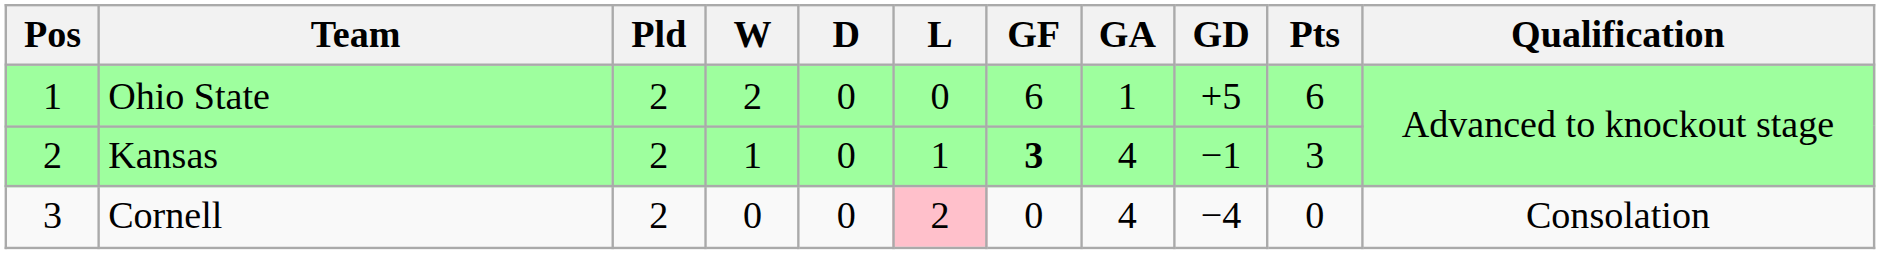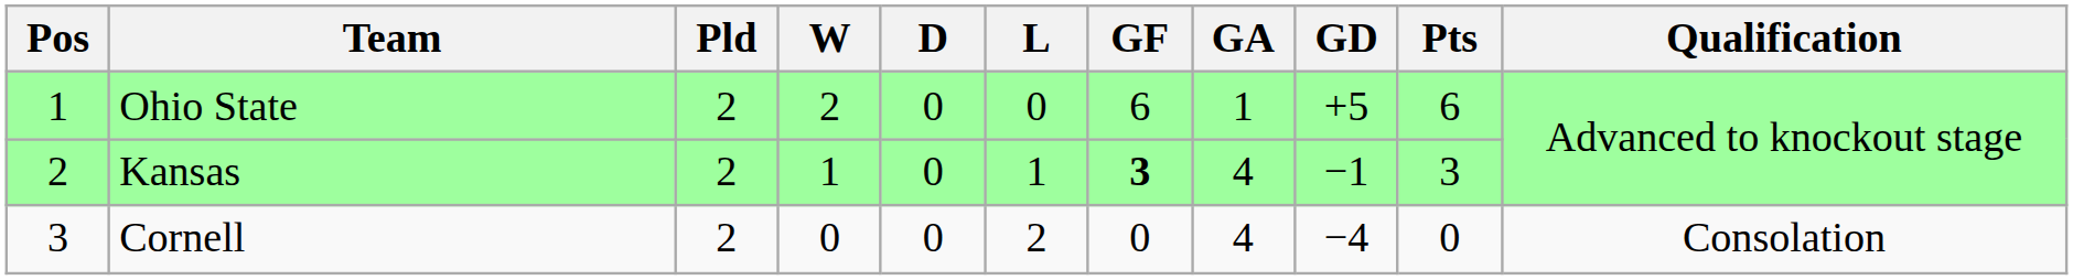 <table class="wikitable" style="text-align:center; margin: 1em auto">
 <tr>
 <th style=width:2em>Pos</th>
 <th style=width:13em>Team</th>
 <th style=width:2em>Pld</th>
 <th style=width:2em>W</th>
 <th style=width:2em>D</th>
 <th style=width:2em>L</th>
 <th style=width:2em>GF</th>
 <th style=width:2em>GA</th>
 <th style=width:2em>GD</th>
 <th style=width:2em>Pts</th>
 <th style=width:13em>Qualification</th>
 </tr>
 <tr bgcolor="#9eff9e">
 <td>1</td>
 <td style="text-align:left">Ohio State</td>
 <td>2</td>
 <td>2</td>
 <td>0</td>
 <td>0</td>
 <td>6</td>
 <td>1</td>
 <td>+5</td>
 <td>6</td>
 <td rowspan="2">Advanced to knockout stage</td>
 </tr>
 <tr bgcolor="#9eff9e">
 <td>2</td>
 <td style="text-align:left">Kansas</td>
 <td>2</td>
 <td>1</td>
 <td>0</td>
 <td>1</td>
 <td><strong>3</strong></td>
 <td>4</td>
 <td>−1</td>
 <td>3</td>
 </tr>
 <tr>
 <td>3</td>
 <td style="text-align:left">Cornell</td>
 <td>2</td>
 <td>0</td>
 <td>0</td>
-<td style="background: pink;">2</td>
+<td>2</td>
 <td>0</td>
 <td>4</td>
 <td>−4</td>
 <td>0</td>
 <td>Consolation</td>
 </tr>
 </table>
